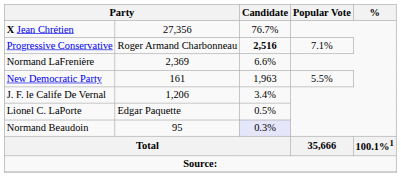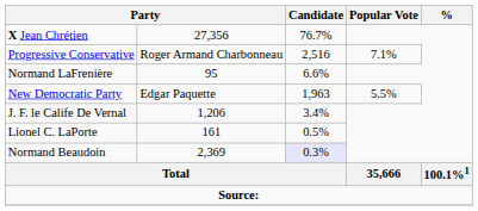 <table class="wikitable">
 <tr>
 <th colspan="2">Party</th>
 <th>Candidate</th>
 <th>Popular Vote</th>
 <th>%</th>
 </tr>
 <tr>
 <td> <strong>X</strong> <a href='#'>Jean Chrétien</a></td>
 <td align=center>27,356</td>
 <td align=center>76.7%</td>
 </tr>
 <tr>
 <td><a href='#'>Progressive Conservative</a></td>
 <td>Roger Armand Charbonneau</td>
-<td align=center><strong>2,516</strong></td>
+<td align=center>2,516</td>
 <td align=center>7.1%</td>
 </tr>
 <tr>
 <td>Normand LaFrenière</td>
-<td align=center>2,369</td>
+<td align=center>95</td>
 <td align=center>6.6%</td>
 </tr>
 <tr>
 <td><a href='#'>New Democratic Party</a></td>
-<td align=center>161</td>
+<td>Edgar Paquette</td>
 <td align=center>1,963</td>
 <td align=center>5.5%</td>
 </tr>
 <tr>
 <td>J. F. le Calife De Vernal</td>
 <td align=center>1,206</td>
 <td align=center>3.4%</td>
 </tr>
 <tr>
 <td>Lionel C. LaPorte</td>
-<td>Edgar Paquette</td>
+<td align=center>161</td>
 <td align=center>0.5%</td>
 </tr>
 <tr>
 <td>Normand Beaudoin</td>
-<td align=center>95</td>
+<td align=center>2,369</td>
 <td align=center style="background: lavender;">0.3%</td>
 </tr>
 <tr>
 <th colspan=3>Total</th>
 <th>35,666</th>
 <th>100.1%<sup>1</sup></th>
 </tr>
 <tr>
 <td align="center" colspan=5><strong>Source:</strong> </td>
 </tr>
 <tr>
 </tr>
 </table>
